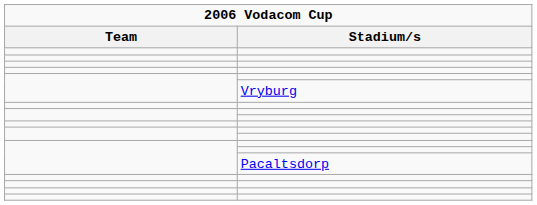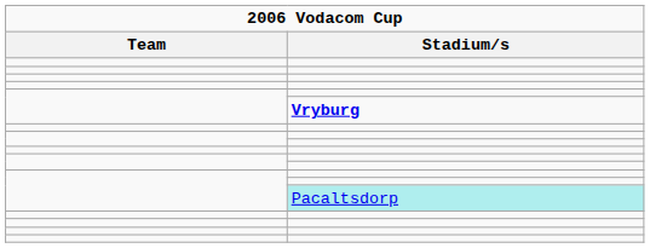 <table class="wikitable">
 <tr>
 <td colspan=3 align=center><strong>2006 Vodacom Cup</strong></td>
 </tr>
 <tr>
 <th width="220">Team</th>
 <th width="280">Stadium/s</th>
 </tr>
 <tr>
 <td></td>
 <td></td>
 </tr>
 <tr>
 <td></td>
 <td></td>
 </tr>
 <tr>
 <td></td>
 <td></td>
 </tr>
 <tr>
 <td></td>
 <td></td>
 </tr>
 <tr>
 <td rowspan=2></td>
 <td></td>
 </tr>
 <tr>
-<td><a href='#'>Vryburg</a></td>
+<td><strong><a href='#'>Vryburg</a></strong></td>
 </tr>
 <tr>
 <td></td>
 <td></td>
 </tr>
 <tr>
 <td rowspan=2></td>
 <td></td>
 </tr>
 <tr>
 <td></td>
 </tr>
 <tr>
 <td></td>
 <td></td>
 </tr>
 <tr>
 <td rowspan=2></td>
 <td></td>
 </tr>
 <tr>
 <td></td>
 </tr>
 <tr>
 <td rowspan=3></td>
 <td></td>
 </tr>
 <tr>
 <td></td>
 </tr>
 <tr>
-<td><a href='#'>Pacaltsdorp</a></td>
+<td style="background: paleturquoise;"><a href='#'>Pacaltsdorp</a></td>
 </tr>
 <tr>
 <td></td>
 <td></td>
 </tr>
 <tr>
 <td></td>
 <td></td>
 </tr>
 <tr>
 <td></td>
 <td></td>
 </tr>
 <tr>
 <td></td>
 <td></td>
 </tr>
 </table>
